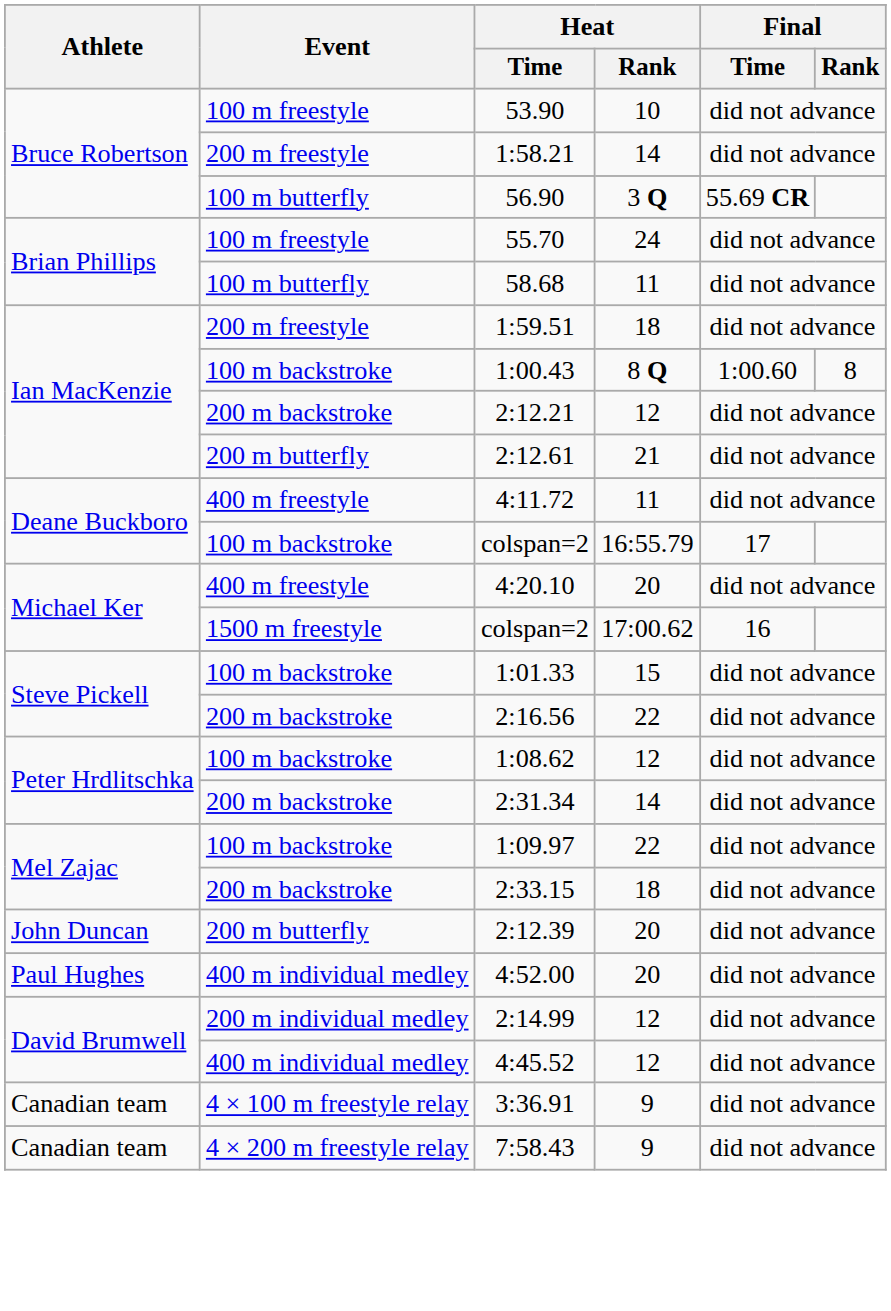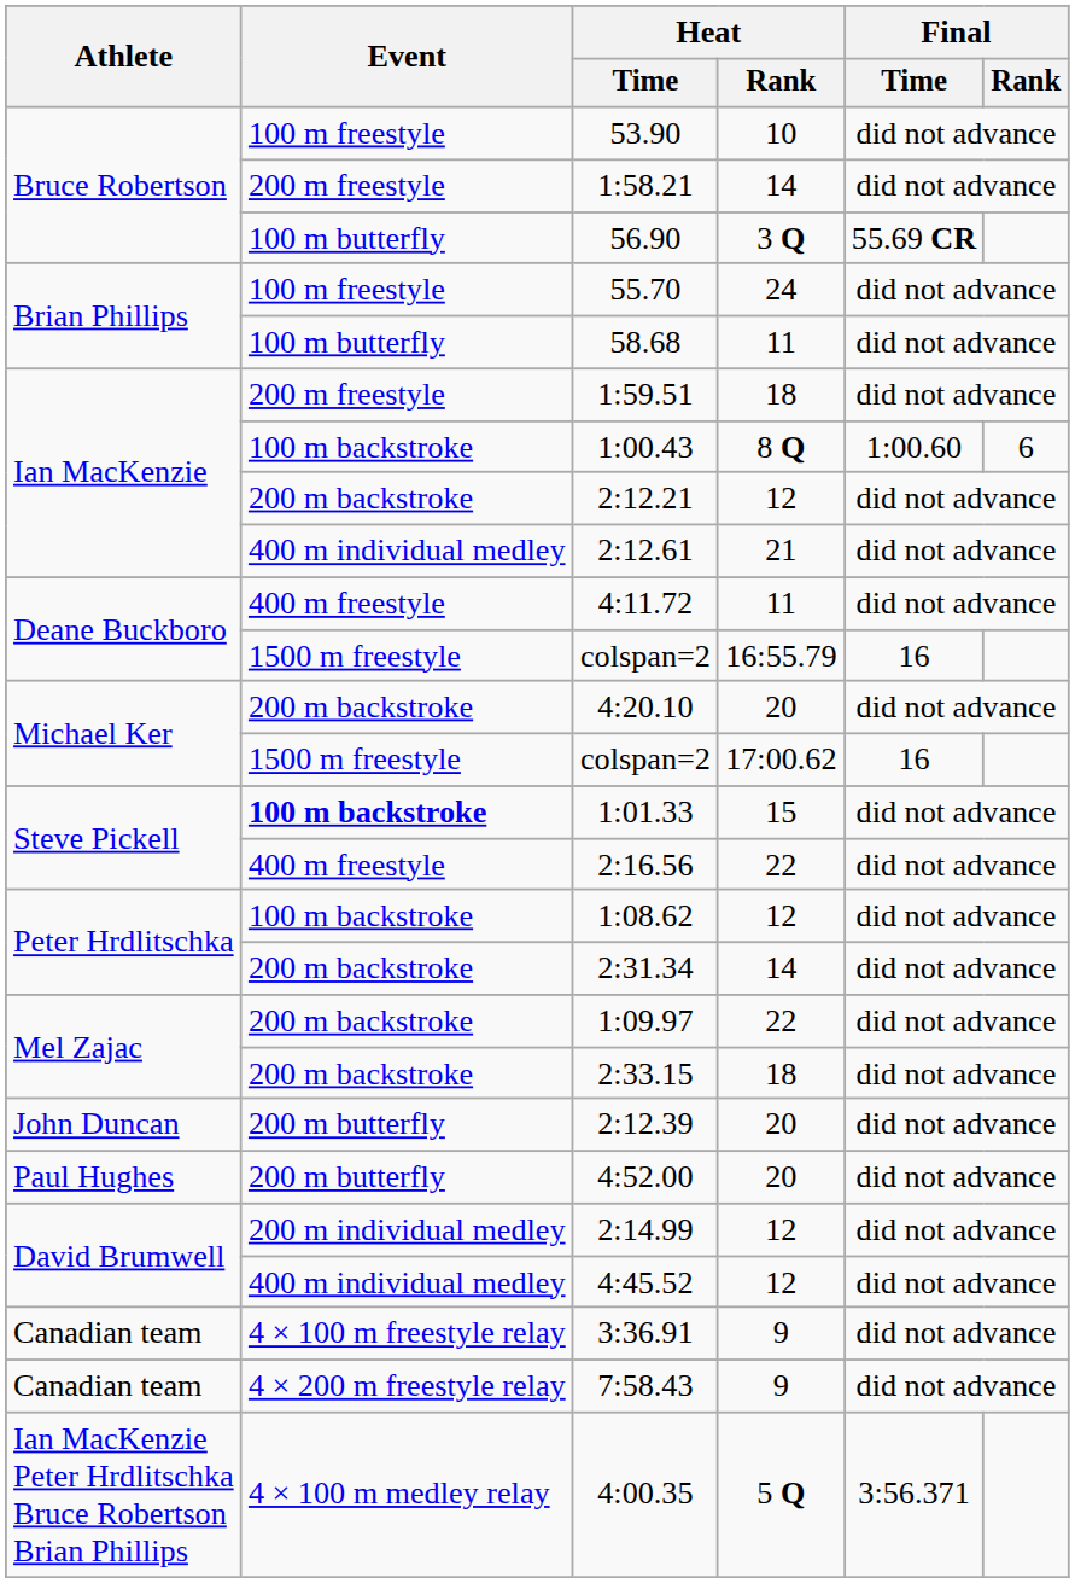 <table class="wikitable" style="text-align:center; font-size:90%">
 <tr>
 <th rowspan="2">Athlete</th>
 <th rowspan="2">Event</th>
 <th colspan="2">Heat</th>
 <th colspan="2">Final</th>
 </tr>
 <tr style="font-size:95%">
 <th>Time</th>
 <th>Rank</th>
 <th>Time</th>
 <th>Rank</th>
 </tr>
 <tr>
 <td align=left rowspan=3><a href='#'>Bruce Robertson</a></td>
 <td align=left><a href='#'>100 m freestyle</a></td>
 <td>53.90</td>
 <td>10</td>
 <td colspan=2>did not advance</td>
 </tr>
 <tr>
 <td align=left><a href='#'>200 m freestyle</a></td>
 <td>1:58.21</td>
 <td>14</td>
 <td colspan=2>did not advance</td>
 </tr>
 <tr>
 <td align=left><a href='#'>100 m butterfly</a></td>
 <td>56.90</td>
 <td>3 <strong>Q</strong></td>
 <td>55.69 <strong>CR</strong></td>
 <td></td>
 </tr>
 <tr>
 <td align=left rowspan=2><a href='#'>Brian Phillips</a></td>
 <td align=left><a href='#'>100 m freestyle</a></td>
 <td>55.70</td>
 <td>24</td>
 <td colspan=2>did not advance</td>
 </tr>
 <tr>
 <td align=left><a href='#'>100 m butterfly</a></td>
 <td>58.68</td>
 <td>11</td>
 <td colspan=2>did not advance</td>
 </tr>
 <tr>
 <td align=left rowspan=4><a href='#'>Ian MacKenzie</a></td>
 <td align=left><a href='#'>200 m freestyle</a></td>
 <td>1:59.51</td>
 <td>18</td>
 <td colspan=2>did not advance</td>
 </tr>
 <tr>
 <td align=left><a href='#'>100 m backstroke</a></td>
 <td>1:00.43</td>
 <td>8 <strong>Q</strong></td>
 <td>1:00.60</td>
-<td>8</td>
+<td>6</td>
 </tr>
 <tr>
 <td align=left><a href='#'>200 m backstroke</a></td>
 <td>2:12.21</td>
 <td>12</td>
 <td colspan=2>did not advance</td>
 </tr>
 <tr>
-<td align=left><a href='#'>200 m butterfly</a></td>
+<td align=left><a href='#'>400 m individual medley</a></td>
 <td>2:12.61</td>
 <td>21</td>
 <td colspan=2>did not advance</td>
 </tr>
 <tr>
 <td align=left rowspan=2><a href='#'>Deane Buckboro</a></td>
 <td align=left><a href='#'>400 m freestyle</a></td>
 <td>4:11.72</td>
 <td>11</td>
 <td colspan=2>did not advance</td>
 </tr>
 <tr>
-<td align=left><a href='#'>100 m backstroke</a></td>
+<td align=left><a href='#'>1500 m freestyle</a></td>
 <td>colspan=2 </td>
 <td>16:55.79</td>
-<td>17</td>
+<td>16</td>
 </tr>
 <tr>
 <td align=left rowspan=2><a href='#'>Michael Ker</a></td>
-<td align=left><a href='#'>400 m freestyle</a></td>
+<td align=left><a href='#'>200 m backstroke</a></td>
 <td>4:20.10</td>
 <td>20</td>
 <td colspan=2>did not advance</td>
 </tr>
 <tr>
 <td align=left><a href='#'>1500 m freestyle</a></td>
 <td>colspan=2 </td>
 <td>17:00.62</td>
 <td>16</td>
 </tr>
 <tr>
 <td align=left rowspan=2><a href='#'>Steve Pickell</a></td>
-<td align=left><a href='#'>100 m backstroke</a></td>
+<td align=left><strong><a href='#'>100 m backstroke</a></strong></td>
 <td>1:01.33</td>
 <td>15</td>
 <td colspan=2>did not advance</td>
 </tr>
 <tr>
-<td align=left><a href='#'>200 m backstroke</a></td>
+<td align=left><a href='#'>400 m freestyle</a></td>
 <td>2:16.56</td>
 <td>22</td>
 <td colspan=2>did not advance</td>
 </tr>
 <tr>
 <td align=left rowspan=2><a href='#'>Peter Hrdlitschka</a></td>
 <td align=left><a href='#'>100 m backstroke</a></td>
 <td>1:08.62</td>
 <td>12</td>
 <td colspan=2>did not advance</td>
 </tr>
 <tr>
 <td align=left><a href='#'>200 m backstroke</a></td>
 <td>2:31.34</td>
 <td>14</td>
 <td colspan=2>did not advance</td>
 </tr>
 <tr>
 <td align=left rowspan=2><a href='#'>Mel Zajac</a></td>
-<td align=left><a href='#'>100 m backstroke</a></td>
+<td align=left><a href='#'>200 m backstroke</a></td>
 <td>1:09.97</td>
 <td>22</td>
 <td colspan=2>did not advance</td>
 </tr>
 <tr>
 <td align=left><a href='#'>200 m backstroke</a></td>
 <td>2:33.15</td>
 <td>18</td>
 <td colspan=2>did not advance</td>
 </tr>
 <tr>
 <td align=left><a href='#'>John Duncan</a></td>
 <td align=left><a href='#'>200 m butterfly</a></td>
 <td>2:12.39</td>
 <td>20</td>
 <td colspan=2>did not advance</td>
 </tr>
 <tr>
 <td align=left><a href='#'>Paul Hughes</a></td>
-<td align=left><a href='#'>400 m individual medley</a></td>
+<td align=left><a href='#'>200 m butterfly</a></td>
 <td>4:52.00</td>
 <td>20</td>
 <td colspan=2>did not advance</td>
 </tr>
 <tr>
 <td align=left rowspan=2><a href='#'>David Brumwell</a></td>
 <td align=left><a href='#'>200 m individual medley</a></td>
 <td>2:14.99</td>
 <td>12</td>
 <td colspan=2>did not advance</td>
 </tr>
 <tr>
 <td align=left><a href='#'>400 m individual medley</a></td>
 <td>4:45.52</td>
 <td>12</td>
 <td colspan=2>did not advance</td>
 </tr>
 <tr>
 <td align=left>Canadian team</td>
 <td align=left><a href='#'>4 × 100 m freestyle relay</a></td>
 <td>3:36.91</td>
 <td>9</td>
 <td colspan=2>did not advance</td>
 </tr>
 <tr>
 <td align=left>Canadian team</td>
 <td align=left><a href='#'>4 × 200 m freestyle relay</a></td>
 <td>7:58.43</td>
 <td>9</td>
 <td colspan=2>did not advance</td>
 </tr>
+<tr>
+<td align=left><a href='#'>Ian MacKenzie</a><br><a href='#'>Peter Hrdlitschka</a><br><a href='#'>Bruce Robertson</a><br><a href='#'>Brian Phillips</a></td>
+<td align=left><a href='#'>4 × 100 m medley relay</a></td>
+<td>4:00.35</td>
+<td>5 <strong>Q</strong></td>
+<td>3:56.371</td>
+<td></td>
+</tr>
 </table>
